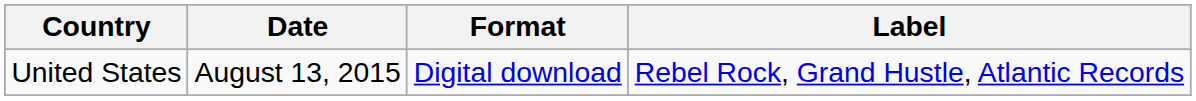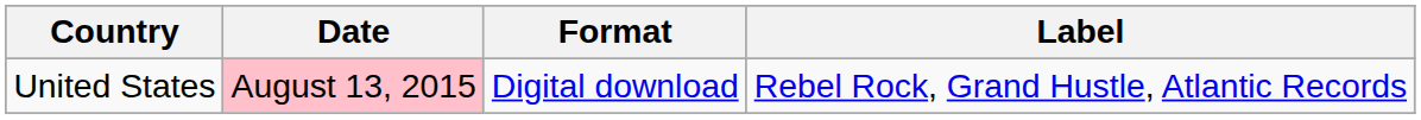 <table class="wikitable">
 <tr>
 <th>Country</th>
 <th>Date</th>
 <th>Format</th>
 <th>Label</th>
 </tr>
 <tr>
 <td rowspan="2">United States</td>
-<td>August 13, 2015</td>
+<td style="background: pink;">August 13, 2015</td>
 <td><a href='#'>Digital download</a></td>
 <td rowspan="2"><a href='#'>Rebel Rock</a>, <a href='#'>Grand Hustle</a>, <a href='#'>Atlantic Records</a></td>
 </tr>
 </table>
